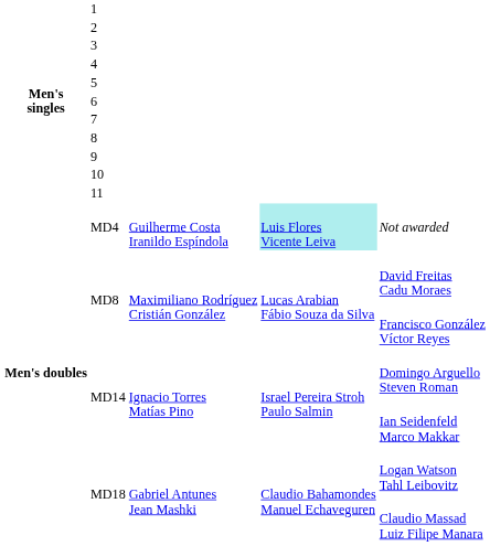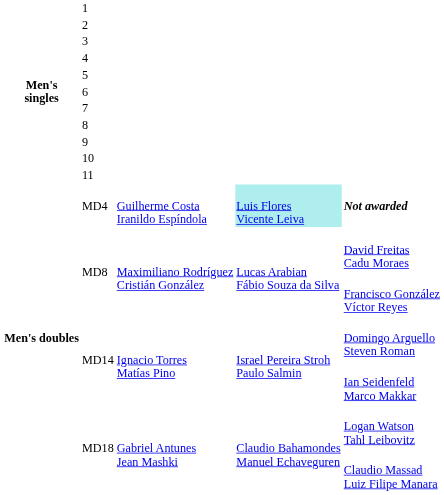 <table>
 <tr>
 <th rowspan="20">Men's<br>singles</th>
 <td>1<br></td>
 <td></td>
 <td></td>
 <td></td>
 </tr>
 <tr>
 <td>2<br></td>
 <td></td>
 <td></td>
 <td></td>
 </tr>
 <tr>
 <td rowspan=2>3<br></td>
 <td rowspan=2></td>
 <td rowspan=2></td>
 <td></td>
 </tr>
 <tr>
 <td></td>
 </tr>
 <tr>
 <td rowspan=2>4<br></td>
 <td rowspan=2></td>
 <td rowspan=2></td>
 <td></td>
 </tr>
 <tr>
 <td></td>
 </tr>
 <tr>
 <td rowspan=2>5<br></td>
 <td rowspan=2></td>
 <td rowspan=2></td>
 <td></td>
 </tr>
 <tr>
 <td></td>
 </tr>
 <tr>
 <td rowspan=2>6<br></td>
 <td rowspan=2></td>
 <td rowspan=2></td>
 <td></td>
 </tr>
 <tr>
 <td></td>
 </tr>
 <tr>
 <td rowspan=2>7<br></td>
 <td rowspan=2></td>
 <td rowspan=2></td>
 <td></td>
 </tr>
 <tr>
 <td></td>
 </tr>
 <tr>
 <td rowspan=2>8<br></td>
 <td rowspan=2></td>
 <td rowspan=2></td>
 <td></td>
 </tr>
 <tr>
 <td></td>
 </tr>
 <tr>
 <td rowspan=2>9<br></td>
 <td rowspan=2></td>
 <td rowspan=2></td>
 <td></td>
 </tr>
 <tr>
 <td></td>
 </tr>
 <tr>
 <td rowspan=2>10<br></td>
 <td rowspan=2></td>
 <td rowspan=2></td>
 <td></td>
 </tr>
 <tr>
 <td></td>
 </tr>
 <tr>
 <td rowspan=2>11<br></td>
 <td rowspan=2></td>
 <td rowspan=2></td>
 <td></td>
 </tr>
 <tr>
 <td></td>
 </tr>
 <tr>
 <th rowspan="7">Men's doubles</th>
 <td>MD4<br></td>
 <td><br><a href='#'>Guilherme Costa</a><br><a href='#'>Iranildo Espíndola</a></td>
 <td style="background: paleturquoise;"><br><a href='#'>Luis Flores</a><br><a href='#'>Vicente Leiva</a></td>
-<td><em>Not awarded</em></td>
+<td><strong><em>Not awarded</em></strong></td>
 </tr>
 <tr>
 <td rowspan=2>MD8<br></td>
 <td rowspan=2><br><a href='#'>Maximiliano Rodríguez</a><br><a href='#'>Cristián González</a></td>
 <td rowspan=2><br><a href='#'>Lucas Arabian</a><br><a href='#'>Fábio Souza da Silva</a></td>
 <td><br><a href='#'>David Freitas</a><br><a href='#'>Cadu Moraes</a></td>
 </tr>
 <tr>
 <td><br><a href='#'>Francisco González</a><br><a href='#'>Víctor Reyes</a></td>
 </tr>
 <tr>
 <td rowspan=2>MD14<br></td>
 <td rowspan=2><br><a href='#'>Ignacio Torres</a><br><a href='#'>Matías Pino</a></td>
 <td rowspan=2><br><a href='#'>Israel Pereira Stroh</a><br><a href='#'>Paulo Salmin</a></td>
 <td><br><a href='#'>Domingo Arguello</a><br><a href='#'>Steven Roman</a></td>
 </tr>
 <tr>
 <td><br><a href='#'>Ian Seidenfeld</a><br><a href='#'>Marco Makkar</a></td>
 </tr>
 <tr>
 <td rowspan=2>MD18<br></td>
 <td rowspan=2><br><a href='#'>Gabriel Antunes</a><br><a href='#'>Jean Mashki</a></td>
 <td rowspan=2><br><a href='#'>Claudio Bahamondes</a><br><a href='#'>Manuel Echaveguren</a></td>
 <td><br><a href='#'>Logan Watson</a><br><a href='#'>Tahl Leibovitz</a></td>
 </tr>
 <tr>
 <td><br><a href='#'>Claudio Massad</a><br><a href='#'>Luiz Filipe Manara</a></td>
 </tr>
 </table>
